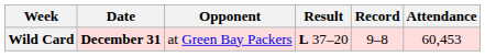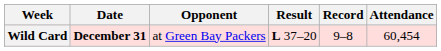 <table class="wikitable" style="text-align:center">
 <tr>
 <th>Week</th>
 <th>Date</th>
 <th>Opponent</th>
 <th>Result</th>
 <th>Record</th>
 <th>Attendance</th>
 </tr>
 <tr style="background: #ffdddd;">
 <th>Wild Card</th>
 <td><strong>December 31</strong></td>
 <td>at <a href='#'>Green Bay Packers</a></td>
 <td><strong>L</strong> 37–20</td>
 <td>9–8</td>
-<td>60,453</td>
+<td>60,454</td>
 </tr>
 </table>
